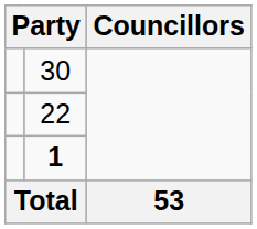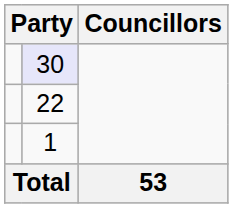 <table class="wikitable">
 <tr>
 <th colspan=2>Party</th>
 <th>Councillors</th>
 </tr>
 <tr>
 <td></td>
-<td align=center>30</td>
+<td align=center style="background: lavender;">30</td>
 </tr>
 <tr>
 <td></td>
 <td align=center>22</td>
 </tr>
 <tr>
 <td></td>
-<td align=center><strong>1</strong></td>
+<td align=center>1</td>
 </tr>
 <tr>
 <th colspan=2>Total</th>
 <th>53</th>
 </tr>
 </table>
